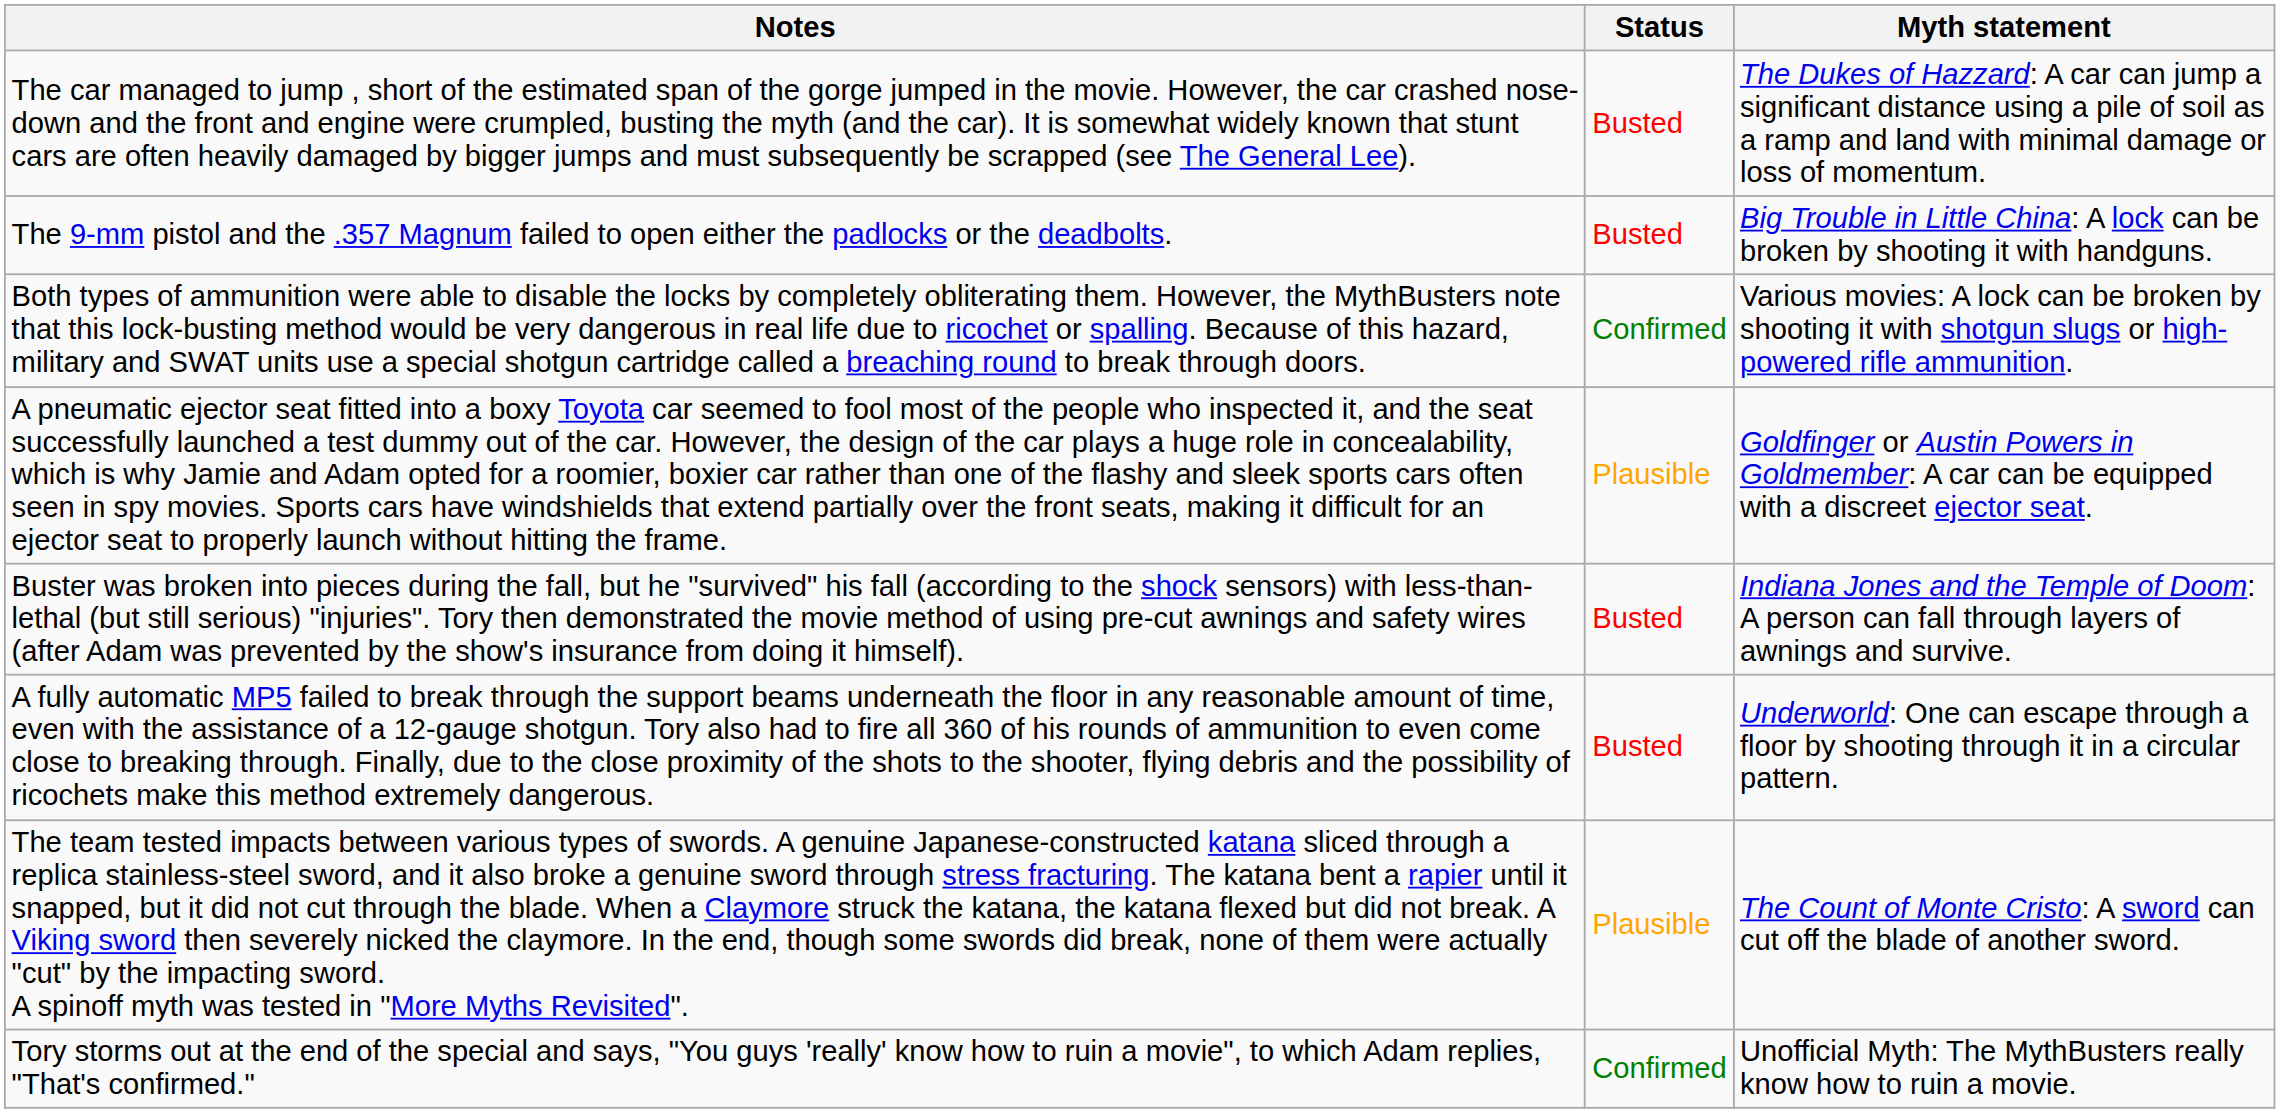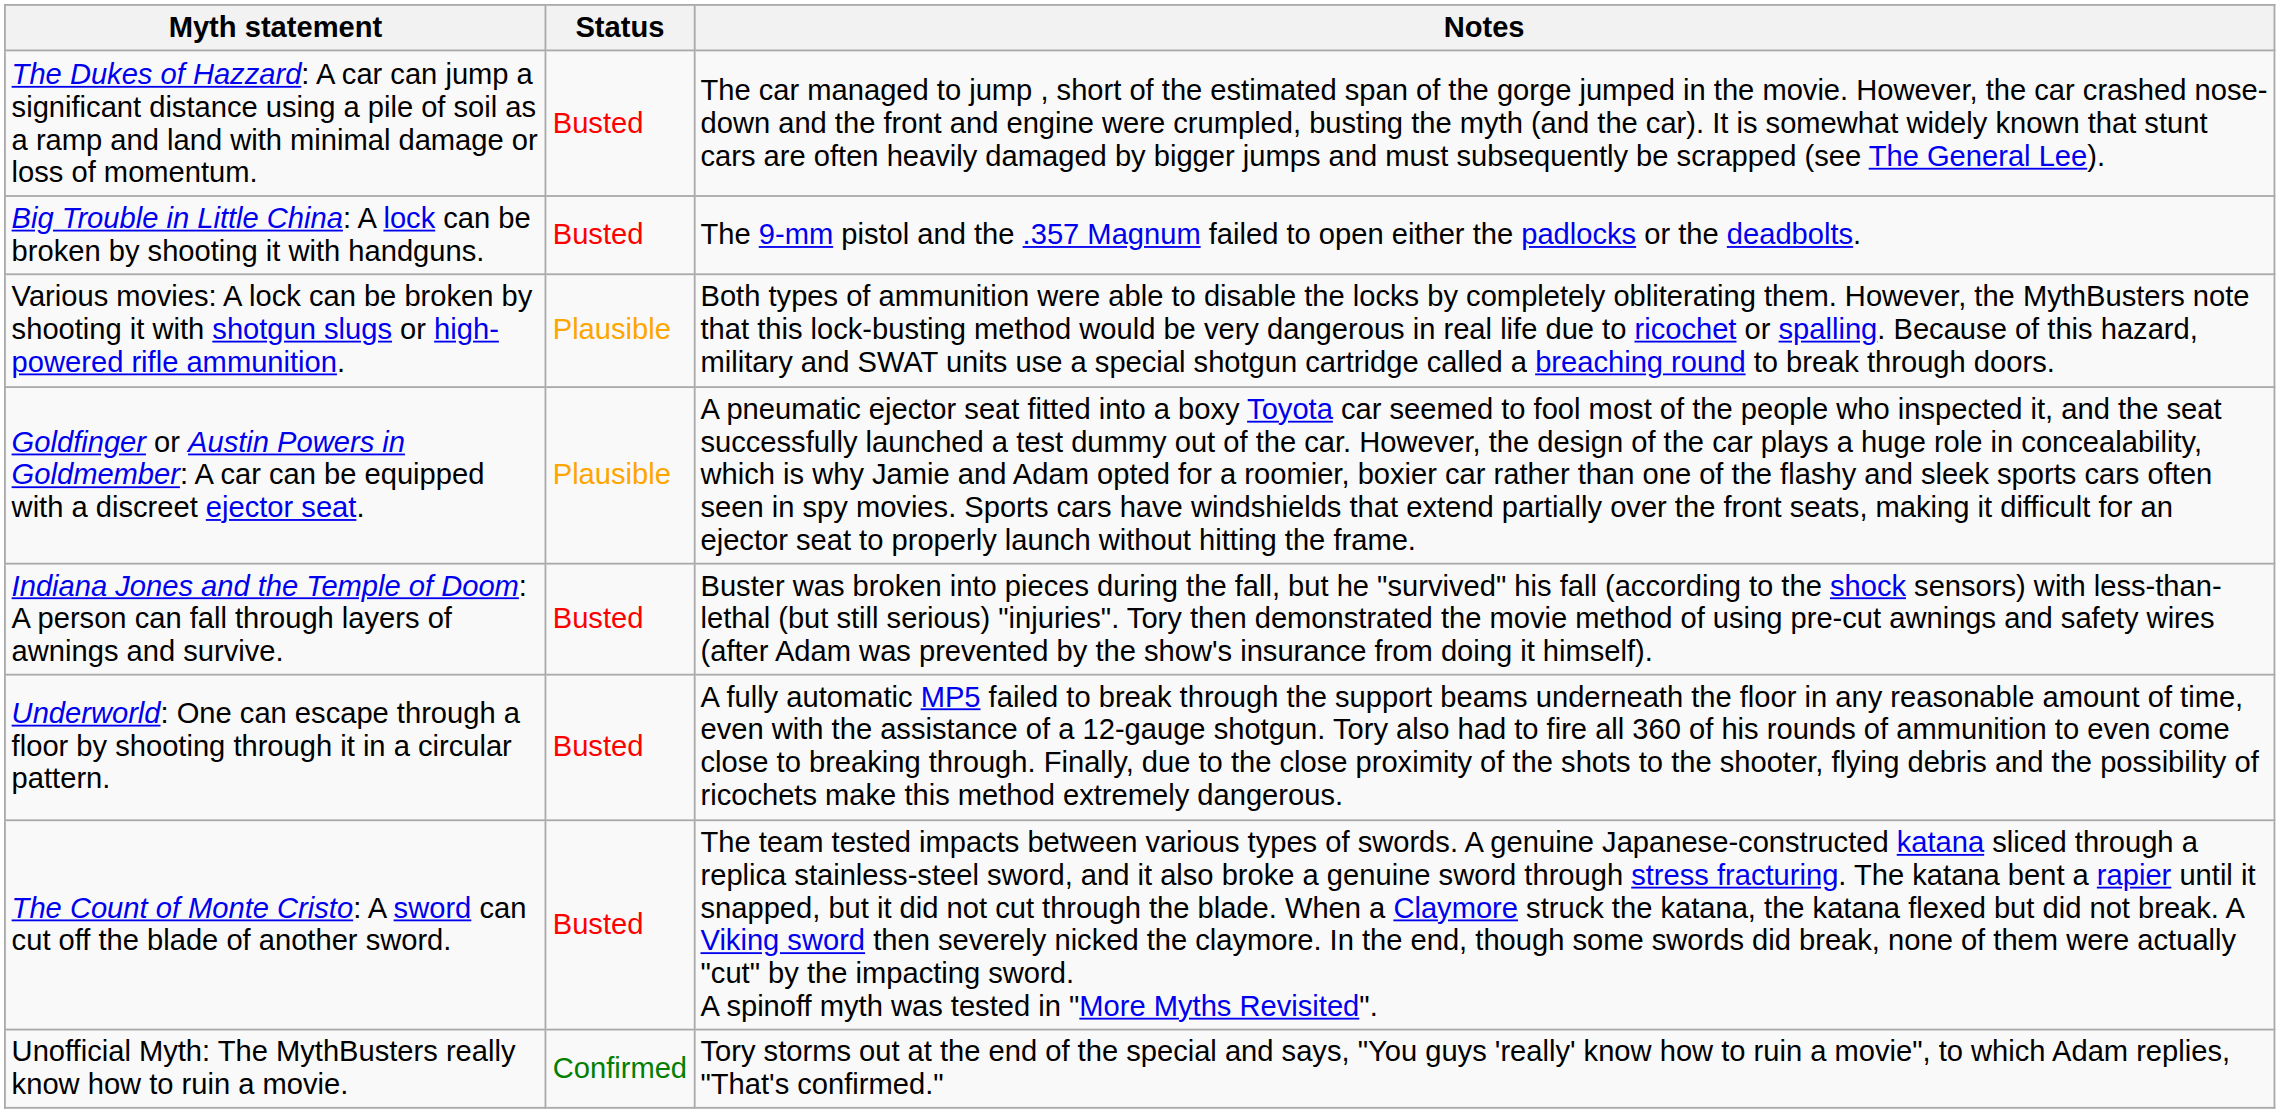 <table class="wikitable plainrowheaders">
 <tr>
+<th>Myth statement</th>
+<th>Status</th>
 <th>Notes</th>
-<th>Status</th>
-<th>Myth statement</th>
 </tr>
 <tr>
+<td><em><a href='#'>The Dukes of Hazzard</a></em>: A car can jump a significant distance using a pile of soil as a ramp and land with minimal damage or loss of momentum.</td>
+<td style="color:red">Busted</td>
 <td>The car managed to jump ,  short of the estimated span of the gorge jumped in the movie. However, the car crashed nose-down and the front and engine were crumpled, busting the myth (and the car). It is somewhat widely known that stunt cars are often heavily damaged by bigger jumps and must subsequently be scrapped (see <a href='#'>The General Lee</a>).</td>
-<td style="color:red">Busted</td>
-<td><em><a href='#'>The Dukes of Hazzard</a></em>: A car can jump a significant distance using a pile of soil as a ramp and land with minimal damage or loss of momentum.</td>
 </tr>
 <tr>
+<td><em><a href='#'>Big Trouble in Little China</a></em>: A <a href='#'>lock</a> can be broken by shooting it with handguns.</td>
+<td style="color:red">Busted</td>
 <td>The <a href='#'>9-mm</a> pistol and the <a href='#'>.357 Magnum</a> failed to open either the <a href='#'>padlocks</a> or the <a href='#'>deadbolts</a>.</td>
-<td style="color:red">Busted</td>
-<td><em><a href='#'>Big Trouble in Little China</a></em>: A <a href='#'>lock</a> can be broken by shooting it with handguns.</td>
 </tr>
 <tr>
+<td>Various movies: A lock can be broken by shooting it with <a href='#'>shotgun slugs</a> or <a href='#'>high-powered rifle ammunition</a>.</td>
+<td style="color:orange">Plausible</td>
 <td>Both types of ammunition were able to disable the locks by completely obliterating them. However, the MythBusters note that this lock-busting method would be very dangerous in real life due to <a href='#'>ricochet</a> or <a href='#'>spalling</a>. Because of this hazard, military and SWAT units use a special shotgun cartridge called a <a href='#'>breaching round</a> to break through doors.</td>
-<td style="color:green">Confirmed</td>
-<td>Various movies: A lock can be broken by shooting it with <a href='#'>shotgun slugs</a> or <a href='#'>high-powered rifle ammunition</a>.</td>
 </tr>
 <tr>
+<td><em><a href='#'>Goldfinger</a></em> or <em><a href='#'>Austin Powers in Goldmember</a></em>: A car can be equipped with a discreet <a href='#'>ejector seat</a>.</td>
+<td style="color:orange">Plausible</td>
 <td>A pneumatic ejector seat fitted into a boxy <a href='#'>Toyota</a> car seemed to fool most of the people who inspected it, and the seat successfully launched a test dummy out of the car. However, the design of the car plays a huge role in concealability, which is why Jamie and Adam opted for a roomier, boxier car rather than one of the flashy and sleek sports cars often seen in spy movies. Sports cars have windshields that extend partially over the front seats, making it difficult for an ejector seat to properly launch without hitting the frame.</td>
-<td style="color:orange">Plausible</td>
-<td><em><a href='#'>Goldfinger</a></em> or <em><a href='#'>Austin Powers in Goldmember</a></em>: A car can be equipped with a discreet <a href='#'>ejector seat</a>.</td>
 </tr>
 <tr>
+<td><em><a href='#'>Indiana Jones and the Temple of Doom</a></em>: A person can fall through layers of awnings and survive.</td>
+<td style="color:red">Busted</td>
 <td>Buster was broken into pieces during the fall, but he "survived" his fall (according to the <a href='#'>shock</a> sensors) with less-than-lethal (but still serious) "injuries". Tory then demonstrated the movie method of using pre-cut awnings and safety wires (after Adam was prevented by the show's insurance from doing it himself).</td>
-<td style="color:red">Busted</td>
-<td><em><a href='#'>Indiana Jones and the Temple of Doom</a></em>: A person can fall through layers of awnings and survive.</td>
 </tr>
 <tr>
+<td><em><a href='#'>Underworld</a></em>: One can escape through a floor by shooting through it in a circular pattern.</td>
+<td style="color:red">Busted</td>
 <td>A fully automatic <a href='#'>MP5</a> failed to break through the support beams underneath the floor in any reasonable amount of time, even with the assistance of a 12-gauge shotgun. Tory also had to fire all 360 of his rounds of ammunition to even come close to breaking through. Finally, due to the close proximity of the shots to the shooter, flying debris and the possibility of ricochets make this method extremely dangerous.</td>
-<td style="color:red">Busted</td>
-<td><em><a href='#'>Underworld</a></em>: One can escape through a floor by shooting through it in a circular pattern.</td>
 </tr>
 <tr>
+<td><em><a href='#'>The Count of Monte Cristo</a></em>: A <a href='#'>sword</a> can cut off the blade of another sword.</td>
+<td style="color:red">Busted</td>
 <td>The team tested impacts between various types of swords. A genuine Japanese-constructed <a href='#'>katana</a> sliced through a replica stainless-steel sword, and it also broke a genuine sword through <a href='#'>stress fracturing</a>. The katana bent a <a href='#'>rapier</a> until it snapped, but it did not cut through the blade. When a <a href='#'>Claymore</a> struck the katana, the katana flexed but did not break. A <a href='#'>Viking sword</a> then severely nicked the claymore. In the end, though some swords did break, none of them were actually "cut" by the impacting sword.<br>A spinoff myth was tested in "<a href='#'>More Myths Revisited</a>".</td>
-<td style="color:orange">Plausible</td>
-<td><em><a href='#'>The Count of Monte Cristo</a></em>: A <a href='#'>sword</a> can cut off the blade of another sword.</td>
 </tr>
 <tr>
+<td>Unofficial Myth: The MythBusters really know how to ruin a movie.</td>
+<td style="color:green">Confirmed</td>
 <td>Tory storms out at the end of the special and says, "You guys 'really' know how to ruin a movie", to which Adam replies, "That's confirmed."</td>
-<td style="color:green">Confirmed</td>
-<td>Unofficial Myth: The MythBusters really know how to ruin a movie.</td>
 </tr>
 </table>
